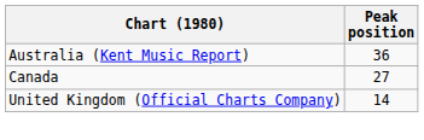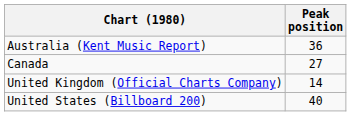 <table class="wikitable">
 <tr>
 <th scope="col">Chart (1980)</th>
 <th>Peak<br>position</th>
 </tr>
 <tr>
 <td>Australia (<a href='#'>Kent Music Report</a>)</td>
 <td style="text-align:center;">36</td>
 </tr>
 <tr>
 <td>Canada</td>
 <td style="text-align:center;">27</td>
 </tr>
 <tr>
 <td>United Kingdom (<a href='#'>Official Charts Company</a>)</td>
 <td style="text-align:center;">14</td>
 </tr>
+<tr>
+<td>United States (<a href='#'>Billboard 200</a>)</td>
+<td style="text-align:center;">40</td>
+</tr>
 </table>
